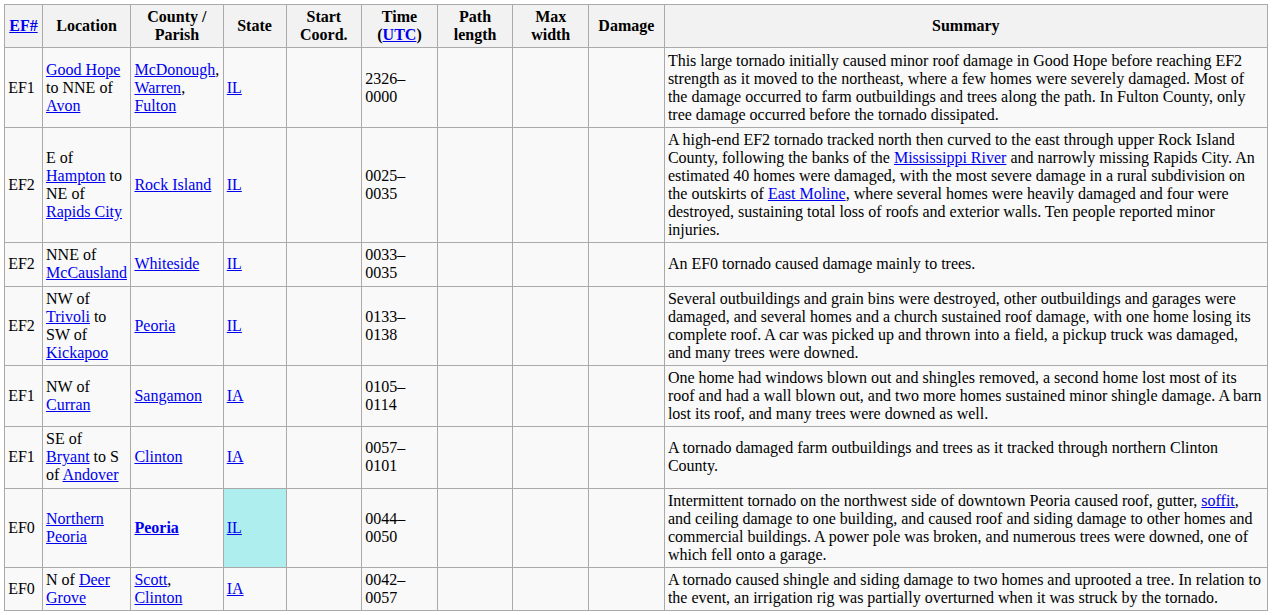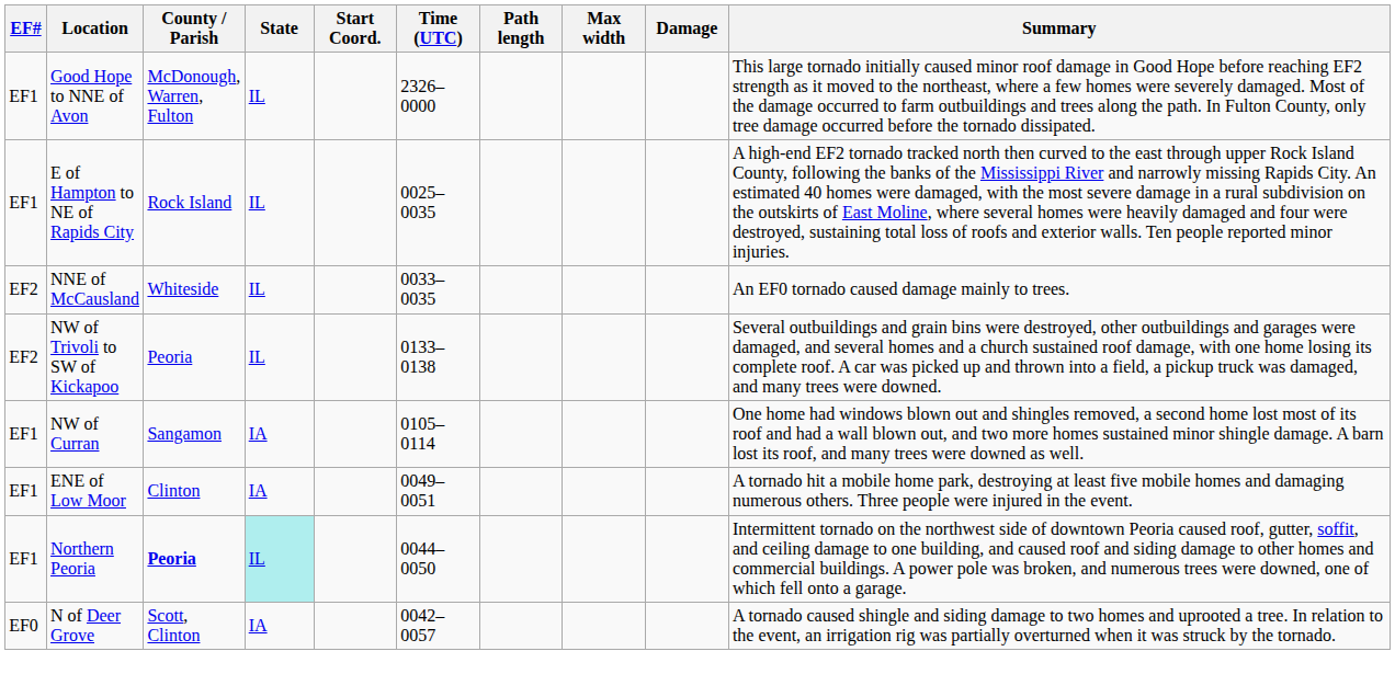 <table class="wikitable sortable" style="width:100%;">
 <tr>
 <th scope="col"  style="width:3%; text-align:center;"><a href='#'>EF#</a></th>
 <th scope="col"  style="width:7%; text-align:center;" class="unsortable">Location</th>
 <th scope="col"  style="width:6%; text-align:center;" class="unsortable">County / Parish</th>
 <th scope="col"  style="width:5%; text-align:center;">State</th>
 <th scope="col"  style="width:6%; text-align:center;">Start Coord.</th>
 <th scope="col"  style="width:6%; text-align:center;">Time (<a href='#'>UTC</a>)</th>
 <th scope="col"  style="width:6%; text-align:center;">Path length</th>
 <th scope="col"  style="width:6%; text-align:center;">Max width</th>
 <th scope="col"  style="width:6%; text-align:center;">Damage</th>
 <th scope="col" class="unsortable" style="width:48%; text-align:center;">Summary</th>
 </tr>
 <tr>
 <td>EF1</td>
 <td><a href='#'>Good Hope</a> to NNE of <a href='#'>Avon</a></td>
 <td><a href='#'>McDonough</a>, <a href='#'>Warren</a>, <a href='#'>Fulton</a></td>
 <td><a href='#'>IL</a></td>
 <td></td>
 <td>2326–0000</td>
 <td></td>
 <td></td>
 <td></td>
 <td>This large tornado initially caused minor roof damage in Good Hope before reaching EF2 strength as it moved to the northeast, where a few homes were severely damaged. Most of the damage occurred to farm outbuildings and trees along the path. In Fulton County, only tree damage occurred before the tornado dissipated.<br></td>
 </tr>
 <tr>
-<td>EF2</td>
+<td>EF1</td>
 <td>E of <a href='#'>Hampton</a> to NE of <a href='#'>Rapids City</a></td>
 <td><a href='#'>Rock Island</a></td>
 <td><a href='#'>IL</a></td>
 <td></td>
 <td>0025–0035</td>
 <td></td>
 <td></td>
 <td></td>
 <td>A high-end EF2 tornado tracked north then curved to the east through upper Rock Island County, following the banks of the <a href='#'>Mississippi River</a> and narrowly missing Rapids City. An estimated 40 homes were damaged, with the most severe damage in a rural subdivision on the outskirts of <a href='#'>East Moline</a>, where several homes were heavily damaged and four were destroyed, sustaining total loss of roofs and exterior walls. Ten people reported minor injuries.</td>
 </tr>
 <tr>
 <td>EF2</td>
 <td>NNE of <a href='#'>McCausland</a></td>
 <td><a href='#'>Whiteside</a></td>
 <td><a href='#'>IL</a></td>
 <td></td>
 <td>0033–0035</td>
 <td></td>
 <td></td>
 <td></td>
 <td>An EF0 tornado caused damage mainly to trees.</td>
 </tr>
 <tr>
 <td>EF2</td>
 <td>NW of <a href='#'>Trivoli</a> to SW of <a href='#'>Kickapoo</a></td>
 <td><a href='#'>Peoria</a></td>
 <td><a href='#'>IL</a></td>
 <td></td>
 <td>0133–0138</td>
 <td></td>
 <td></td>
 <td></td>
 <td>Several outbuildings and grain bins were destroyed, other outbuildings and garages were damaged, and several homes and a church sustained roof damage, with one home losing its complete roof. A car was picked up and thrown  into a field, a pickup truck was damaged, and many trees were downed.</td>
 </tr>
 <tr>
 <td>EF1</td>
 <td>NW of <a href='#'>Curran</a></td>
 <td><a href='#'>Sangamon</a></td>
 <td><a href='#'>IA</a></td>
 <td></td>
 <td>0105–0114</td>
 <td></td>
 <td></td>
 <td></td>
 <td>One home had windows blown out and shingles removed, a second home lost most of its roof and had a wall blown out, and two more homes sustained minor shingle damage. A barn lost its roof, and many trees were downed as well.</td>
 </tr>
 <tr>
 <td>EF1</td>
-<td>SE of <a href='#'>Bryant</a> to S of <a href='#'>Andover</a></td>
+<td>ENE of <a href='#'>Low Moor</a></td>
 <td><a href='#'>Clinton</a></td>
 <td><a href='#'>IA</a></td>
 <td></td>
-<td>0057–0101</td>
+<td>0049–0051</td>
 <td></td>
 <td></td>
 <td></td>
-<td>A tornado damaged farm outbuildings and trees as it tracked through northern Clinton County.</td>
+<td>A tornado hit a mobile home park, destroying at least five mobile homes and damaging numerous others. Three people were injured in the event.</td>
 </tr>
 <tr>
-<td>EF0</td>
+<td>EF1</td>
 <td><a href='#'>Northern Peoria</a></td>
 <td><strong><a href='#'>Peoria</a></strong></td>
 <td style="background: paleturquoise;"><a href='#'>IL</a></td>
 <td></td>
 <td>0044–0050</td>
 <td></td>
 <td></td>
 <td></td>
 <td>Intermittent tornado on the northwest side of downtown Peoria caused roof, gutter, <a href='#'>soffit</a>, and ceiling damage to one building, and caused roof and siding damage to other homes and commercial buildings. A power pole was broken, and numerous trees were downed, one of which fell onto a garage.</td>
 </tr>
 <tr>
 <td>EF0</td>
 <td>N of <a href='#'>Deer Grove</a></td>
 <td><a href='#'>Scott</a>, <a href='#'>Clinton</a></td>
 <td><a href='#'>IA</a></td>
 <td></td>
 <td>0042–0057</td>
 <td></td>
 <td></td>
 <td></td>
 <td>A tornado caused shingle and siding damage to two homes and uprooted a tree. In relation to the event, an irrigation rig was partially overturned when it was struck by the tornado.</td>
 </tr>
 </table>
